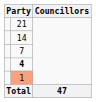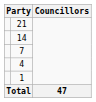 <table class="wikitable">
 <tr>
 <th colspan=2>Party</th>
 <th>Councillors</th>
 </tr>
 <tr>
 <td></td>
 <td align=center>21</td>
 </tr>
 <tr>
 <td></td>
 <td align=center>14</td>
 </tr>
 <tr>
 <td></td>
 <td align=center>7</td>
 </tr>
 <tr>
 <td></td>
-<td align=center><strong>4</strong></td>
+<td align=center>4</td>
 </tr>
 <tr>
 <td></td>
-<td align=center style="background: lightsalmon;">1</td>
+<td align=center>1</td>
 </tr>
 <tr>
 <th colspan=2>Total</th>
 <th align=center>47</th>
 </tr>
 </table>
